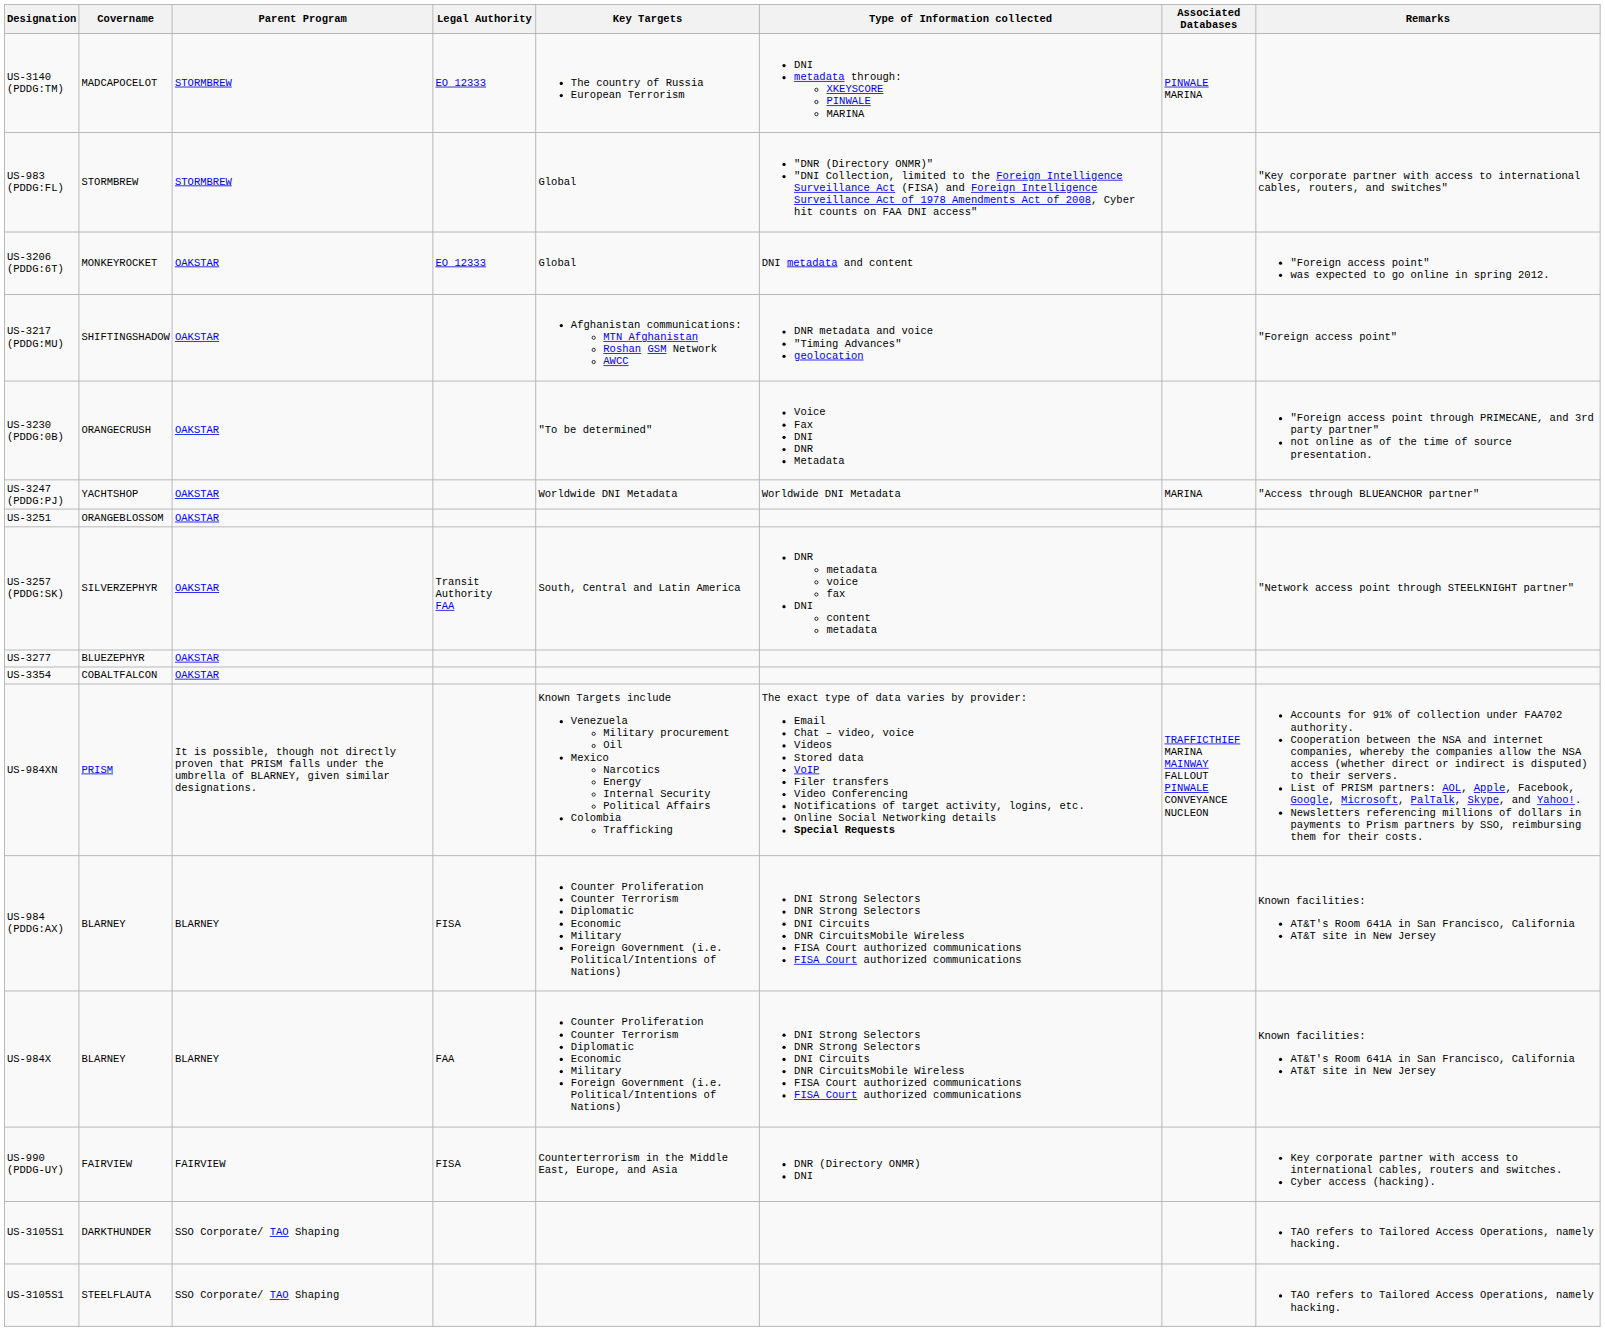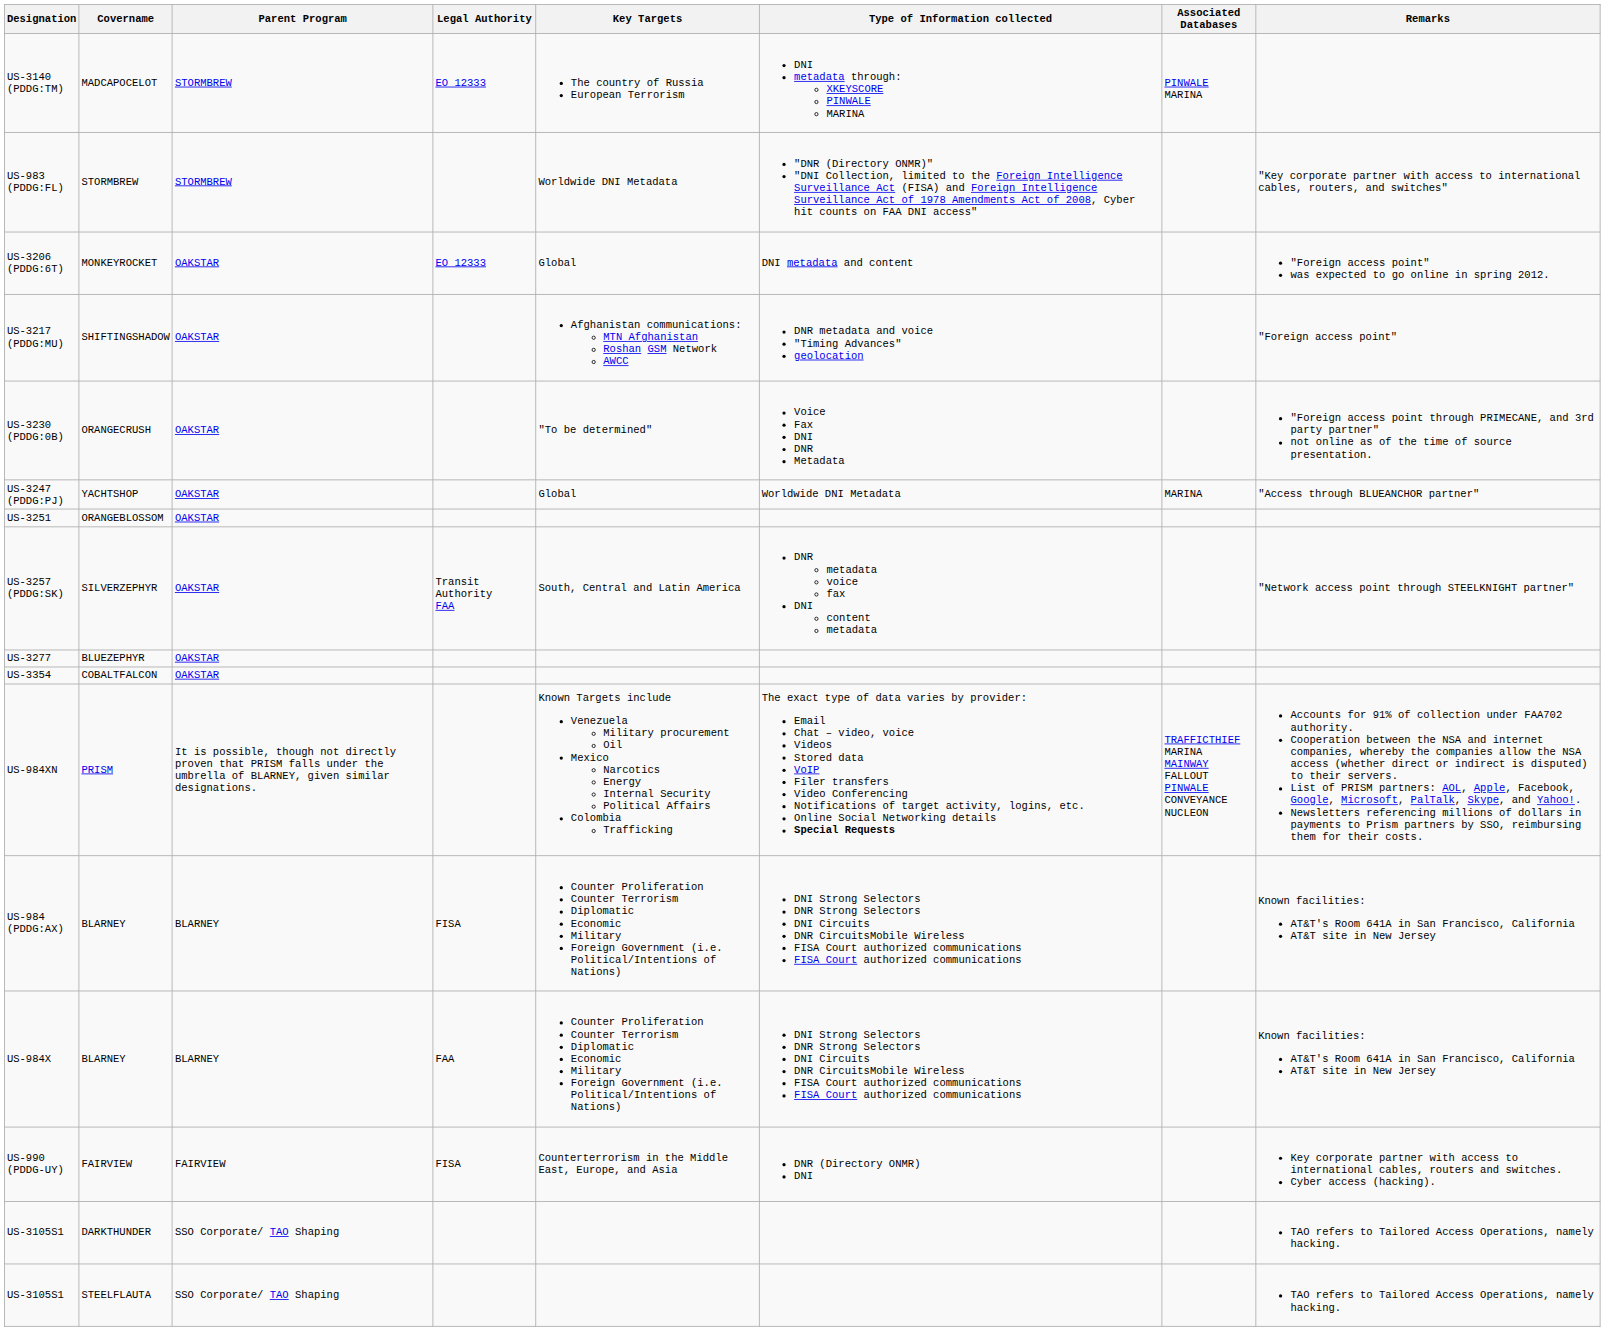 <table class="wikitable sortable">
 <tr>
 <th>Designation</th>
 <th>Covername</th>
 <th>Parent Program</th>
 <th>Legal Authority</th>
 <th>Key Targets</th>
 <th>Type of Information collected</th>
 <th>Associated Databases</th>
 <th>Remarks</th>
 </tr>
 <tr>
 <td>US-3140<br>(PDDG:TM)</td>
 <td>MADCAPOCELOT</td>
 <td><a href='#'>STORMBREW</a></td>
 <td><a href='#'>EO 12333</a></td>
 <td><br><ul><li>The country of Russia</li><li>European Terrorism</li></ul></td>
 <td><br><ul><li>DNI</li><li><a href='#'>metadata</a> through:<ul><li><a href='#'>XKEYSCORE</a></li><li><a href='#'>PINWALE</a></li><li>MARINA</li></ul></li></ul></td>
 <td><br><a href='#'>PINWALE</a><br>MARINA</td>
 <td></td>
 </tr>
 <tr>
 <td>US-983<br>(PDDG:FL)</td>
 <td>STORMBREW</td>
 <td><a href='#'>STORMBREW</a></td>
 <td></td>
-<td>Global</td>
+<td>Worldwide DNI Metadata</td>
 <td><br><ul><li>"DNR (Directory ONMR)"</li><li>"DNI Collection, limited to the <a href='#'>Foreign Intelligence Surveillance Act</a> (FISA) and <a href='#'>Foreign Intelligence Surveillance Act of 1978 Amendments Act of 2008</a>, Cyber hit counts on FAA DNI access"</li></ul></td>
 <td></td>
 <td>"Key corporate partner with access to international cables, routers, and switches"</td>
 </tr>
 <tr>
 <td>US-3206<br>(PDDG:6T)</td>
 <td>MONKEYROCKET</td>
 <td><a href='#'>OAKSTAR</a></td>
 <td><a href='#'>EO 12333</a></td>
 <td>Global</td>
 <td>DNI <a href='#'>metadata</a> and content</td>
 <td></td>
 <td><br><ul><li>"Foreign access point"</li><li>was expected to go online in spring 2012.</li></ul></td>
 </tr>
 <tr>
 <td>US-3217<br>(PDDG:MU)</td>
 <td>SHIFTINGSHADOW</td>
 <td><a href='#'>OAKSTAR</a></td>
 <td></td>
 <td><br><ul><li>Afghanistan communications:<ul><li><a href='#'>MTN Afghanistan</a></li><li><a href='#'>Roshan</a> <a href='#'>GSM</a> Network</li><li><a href='#'>AWCC</a></li></ul></li></ul></td>
 <td><br><ul><li>DNR metadata and voice</li><li>"Timing Advances"</li><li><a href='#'>geolocation</a></li></ul></td>
 <td></td>
 <td>"Foreign access point"</td>
 </tr>
 <tr>
 <td>US-3230<br>(PDDG:0B)</td>
 <td>ORANGECRUSH</td>
 <td><a href='#'>OAKSTAR</a></td>
 <td></td>
 <td>"To be determined"</td>
 <td><br><ul><li>Voice</li><li>Fax</li><li>DNI</li><li>DNR</li><li>Metadata</li></ul></td>
 <td></td>
 <td><br><ul><li>"Foreign access point through PRIMECANE, and 3rd party partner"</li><li>not online as of the time of source presentation.</li></ul></td>
 </tr>
 <tr>
 <td>US-3247<br>(PDDG:PJ)</td>
 <td>YACHTSHOP</td>
 <td><a href='#'>OAKSTAR</a></td>
 <td></td>
-<td>Worldwide DNI Metadata</td>
+<td>Global</td>
 <td>Worldwide DNI Metadata</td>
 <td>MARINA</td>
 <td>"Access through BLUEANCHOR partner"</td>
 </tr>
 <tr>
 <td>US-3251</td>
 <td>ORANGEBLOSSOM</td>
 <td><a href='#'>OAKSTAR</a></td>
 <td></td>
 <td></td>
 <td></td>
 <td></td>
 <td></td>
 </tr>
 <tr>
 <td>US-3257<br>(PDDG:SK)</td>
 <td>SILVERZEPHYR</td>
 <td><a href='#'>OAKSTAR</a></td>
 <td><br>Transit Authority<br> <a href='#'>FAA</a></td>
 <td>South, Central and Latin America</td>
 <td><br><ul><li>DNR<ul><li>metadata</li><li>voice</li><li>fax</li></ul></li><li>DNI<ul><li>content</li><li>metadata</li></ul></li></ul></td>
 <td></td>
 <td>"Network access point through STEELKNIGHT partner"</td>
 </tr>
 <tr>
 <td>US-3277</td>
 <td>BLUEZEPHYR</td>
 <td><a href='#'>OAKSTAR</a></td>
 <td></td>
 <td></td>
 <td></td>
 <td></td>
 <td></td>
 </tr>
 <tr>
 <td>US-3354</td>
 <td>COBALTFALCON</td>
 <td><a href='#'>OAKSTAR</a></td>
 <td></td>
 <td></td>
 <td></td>
 <td></td>
 <td></td>
 </tr>
 <tr>
 <td>US-984XN</td>
 <td><a href='#'>PRISM</a></td>
 <td>It is possible, though not directly proven that PRISM falls under the umbrella of BLARNEY, given similar designations.</td>
 <td></td>
 <td>Known Targets include<br><ul><li>Venezuela<ul><li>Military procurement</li><li>Oil</li></ul></li><li>Mexico<ul><li>Narcotics</li><li>Energy</li><li>Internal Security</li><li>Political Affairs</li></ul></li><li>Colombia<ul><li>Trafficking</li></ul></li></ul></td>
 <td>The exact type of data varies by provider:<br><ul><li>Email</li><li>Chat – video, voice</li><li>Videos</li><li>Stored data</li><li><a href='#'>VoIP</a></li><li>Filer transfers</li><li>Video Conferencing</li><li>Notifications of target activity, logins, etc.</li><li>Online Social Networking details</li><li><strong>Special Requests</strong></li></ul></td>
 <td><br><a href='#'>TRAFFICTHIEF</a><br>MARINA<br><a href='#'>MAINWAY</a><br>FALLOUT<br><a href='#'>PINWALE</a><br>CONVEYANCE<br>NUCLEON</td>
 <td><br><ul><li>Accounts for 91% of collection under FAA702 authority.</li><li>Cooperation between the NSA and internet companies, whereby the companies allow the NSA access (whether direct or indirect is disputed) to their servers.</li><li>List of PRISM partners: <a href='#'>AOL</a>, <a href='#'>Apple</a>, Facebook, <a href='#'>Google</a>, <a href='#'>Microsoft</a>, <a href='#'>PalTalk</a>, <a href='#'>Skype</a>, and <a href='#'>Yahoo!</a>.</li><li>Newsletters referencing millions of dollars in payments to Prism partners by SSO, reimbursing them for their costs.</li></ul></td>
 </tr>
 <tr>
 <td>US-984<br>(PDDG:AX)</td>
 <td>BLARNEY</td>
 <td>BLARNEY</td>
 <td>FISA</td>
 <td><br><ul><li>Counter Proliferation</li><li>Counter Terrorism</li><li>Diplomatic</li><li>Economic</li><li>Military</li><li>Foreign Government (i.e. Political/Intentions of Nations)</li></ul></td>
 <td><br><ul><li>DNI Strong Selectors</li><li>DNR Strong Selectors</li><li>DNI Circuits</li><li>DNR CircuitsMobile Wireless</li><li>FISA Court authorized communications</li><li><a href='#'>FISA Court</a> authorized communications</li></ul></td>
 <td></td>
 <td>Known facilities:<br><ul><li>AT&T's Room 641A in San Francisco, California</li><li>AT&T site in New Jersey</li></ul></td>
 </tr>
 <tr>
 <td>US-984X</td>
 <td>BLARNEY</td>
 <td>BLARNEY</td>
 <td>FAA</td>
 <td><br><ul><li>Counter Proliferation</li><li>Counter Terrorism</li><li>Diplomatic</li><li>Economic</li><li>Military</li><li>Foreign Government (i.e. Political/Intentions of Nations)</li></ul></td>
 <td><br><ul><li>DNI Strong Selectors</li><li>DNR Strong Selectors</li><li>DNI Circuits</li><li>DNR CircuitsMobile Wireless</li><li>FISA Court authorized communications</li><li><a href='#'>FISA Court</a> authorized communications</li></ul></td>
 <td></td>
 <td>Known facilities:<br><ul><li>AT&T's Room 641A in San Francisco, California</li><li>AT&T site in New Jersey</li></ul></td>
 </tr>
 <tr>
 <td>US-990<br>(PDDG-UY)</td>
 <td>FAIRVIEW</td>
 <td>FAIRVIEW</td>
 <td>FISA</td>
 <td>Counterterrorism in the Middle East, Europe, and Asia</td>
 <td><br><ul><li>DNR (Directory ONMR)</li><li>DNI</li></ul></td>
 <td></td>
 <td><br><ul><li>Key corporate partner with access to international cables, routers and switches.</li><li>Cyber access (hacking).</li></ul></td>
 </tr>
 <tr>
 <td>US-3105S1</td>
 <td>DARKTHUNDER</td>
 <td>SSO Corporate/ <a href='#'>TAO</a> Shaping</td>
 <td></td>
 <td></td>
 <td></td>
 <td></td>
 <td><br><ul><li>TAO refers to Tailored Access Operations, namely hacking.</li></ul></td>
 </tr>
 <tr>
 <td>US-3105S1</td>
 <td>STEELFLAUTA</td>
 <td>SSO Corporate/ <a href='#'>TAO</a> Shaping</td>
 <td></td>
 <td></td>
 <td></td>
 <td></td>
 <td><br><ul><li>TAO refers to Tailored Access Operations, namely hacking.</li></ul></td>
 </tr>
 </table>
